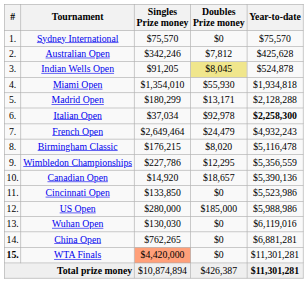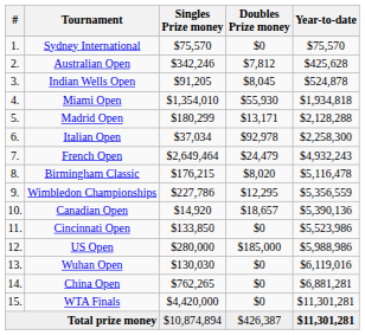 <table class="wikitable sortable" style="text-align:center">
 <tr>
 <th>#</th>
 <th>Tournament</th>
 <th>Singles<br>Prize money</th>
 <th>Doubles<br>Prize money</th>
 <th>Year-to-date</th>
 </tr>
 <tr>
 <td>1.</td>
 <td><a href='#'>Sydney International</a></td>
 <td>$75,570</td>
 <td>$0</td>
 <td>$75,570</td>
 </tr>
 <tr>
 <td>2.</td>
 <td><a href='#'>Australian Open</a></td>
 <td>$342,246</td>
 <td>$7,812</td>
 <td>$425,628</td>
 </tr>
 <tr>
 <td>3.</td>
 <td><a href='#'>Indian Wells Open</a></td>
 <td>$91,205</td>
-<td style="background: khaki;">$8,045</td>
+<td>$8,045</td>
 <td>$524,878</td>
 </tr>
 <tr>
 <td>4.</td>
 <td><a href='#'>Miami Open</a></td>
 <td>$1,354,010</td>
 <td>$55,930</td>
 <td>$1,934,818</td>
 </tr>
 <tr>
 <td>5.</td>
 <td><a href='#'>Madrid Open</a></td>
 <td>$180,299</td>
 <td>$13,171</td>
 <td>$2,128,288</td>
 </tr>
 <tr>
 <td>6.</td>
 <td><a href='#'>Italian Open</a></td>
 <td>$37,034</td>
 <td>$92,978</td>
-<td><strong>$2,258,300</strong></td>
+<td>$2,258,300</td>
 </tr>
 <tr>
 <td>7.</td>
 <td><a href='#'>French Open</a></td>
 <td>$2,649,464</td>
 <td>$24,479</td>
 <td>$4,932,243</td>
 </tr>
 <tr>
 <td>8.</td>
 <td><a href='#'>Birmingham Classic</a></td>
 <td>$176,215</td>
 <td>$8,020</td>
 <td>$5,116,478</td>
 </tr>
 <tr>
 <td>9.</td>
 <td><a href='#'>Wimbledon Championships</a></td>
 <td>$227,786</td>
 <td>$12,295</td>
 <td>$5,356,559</td>
 </tr>
 <tr>
 <td>10.</td>
 <td><a href='#'>Canadian Open</a></td>
 <td>$14,920</td>
 <td>$18,657</td>
 <td>$5,390,136</td>
 </tr>
 <tr>
 <td>11.</td>
 <td><a href='#'>Cincinnati Open</a></td>
 <td>$133,850</td>
 <td>$0</td>
 <td>$5,523,986</td>
 </tr>
 <tr>
 <td>12.</td>
 <td><a href='#'>US Open</a></td>
 <td>$280,000</td>
 <td>$185,000</td>
 <td>$5,988,986</td>
 </tr>
 <tr>
 <td>13.</td>
 <td><a href='#'>Wuhan Open</a></td>
 <td>$130,030</td>
 <td>$0</td>
 <td>$6,119,016</td>
 </tr>
 <tr>
 <td>14.</td>
 <td><a href='#'>China Open</a></td>
 <td>$762,265</td>
 <td>$0</td>
 <td>$6,881,281</td>
 </tr>
 <tr>
-<td><strong>15.</strong></td>
+<td>15.</td>
 <td><a href='#'>WTA Finals</a></td>
-<td style="background: lightsalmon;">$4,420,000</td>
+<td>$4,420,000</td>
 <td>$0</td>
 <td>$11,301,281</td>
 </tr>
 <tr style="background:#efefef">
 <td colspan="2" align="right"><strong>Total prize money</strong></td>
 <td>$10,874,894</td>
 <td>$426,387</td>
 <td><strong>$11,301,281</strong></td>
 </tr>
 </table>
